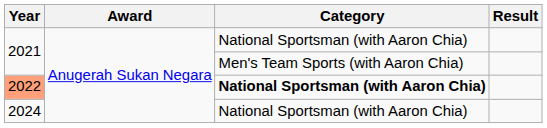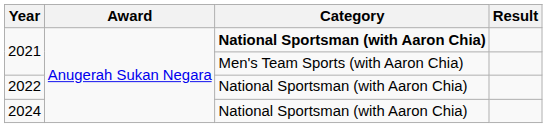 <table class="wikitable">
 <tr>
 <th>Year</th>
 <th>Award</th>
 <th>Category</th>
 <th>Result</th>
 </tr>
 <tr>
 <td rowspan="2">2021</td>
 <td rowspan="4"><a href='#'>Anugerah Sukan Negara</a></td>
-<td>National Sportsman (with Aaron Chia)</td>
+<td><strong>National Sportsman (with Aaron Chia)</strong></td>
 <td></td>
 </tr>
 <tr>
 <td>Men's Team Sports (with Aaron Chia)</td>
 <td></td>
 </tr>
 <tr>
-<td style="background: lightsalmon;">2022</td>
-<td><strong>National Sportsman (with Aaron Chia)</strong></td>
+<td>2022</td>
+<td>National Sportsman (with Aaron Chia)</td>
 <td></td>
 </tr>
 <tr>
 <td>2024</td>
 <td>National Sportsman (with Aaron Chia)</td>
 <td></td>
 </tr>
 </table>
